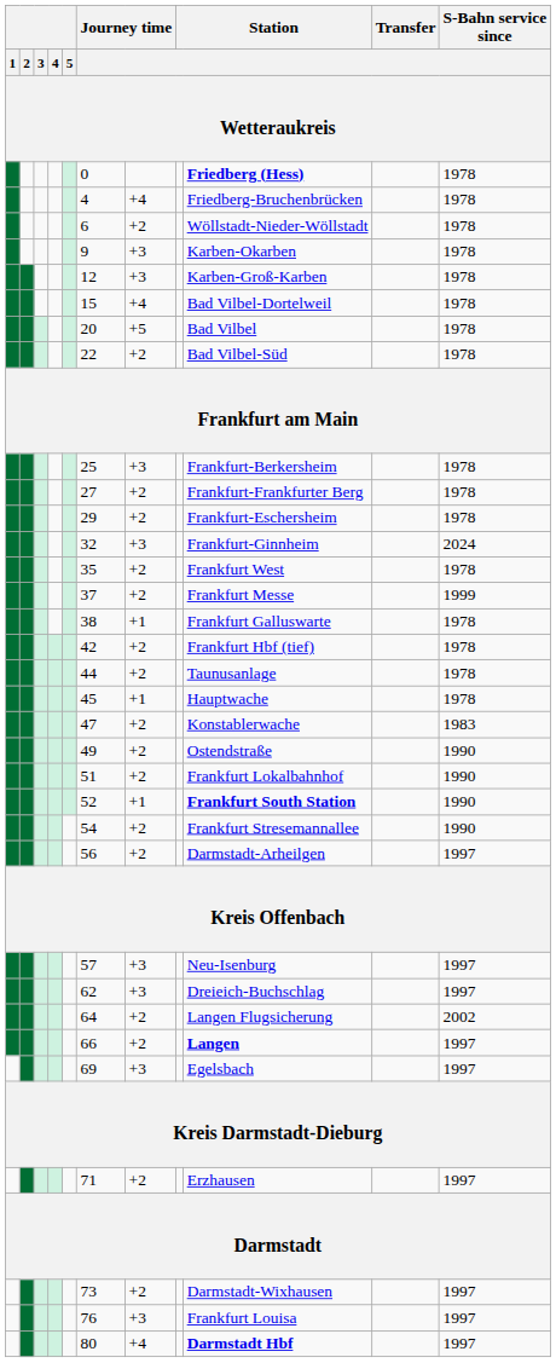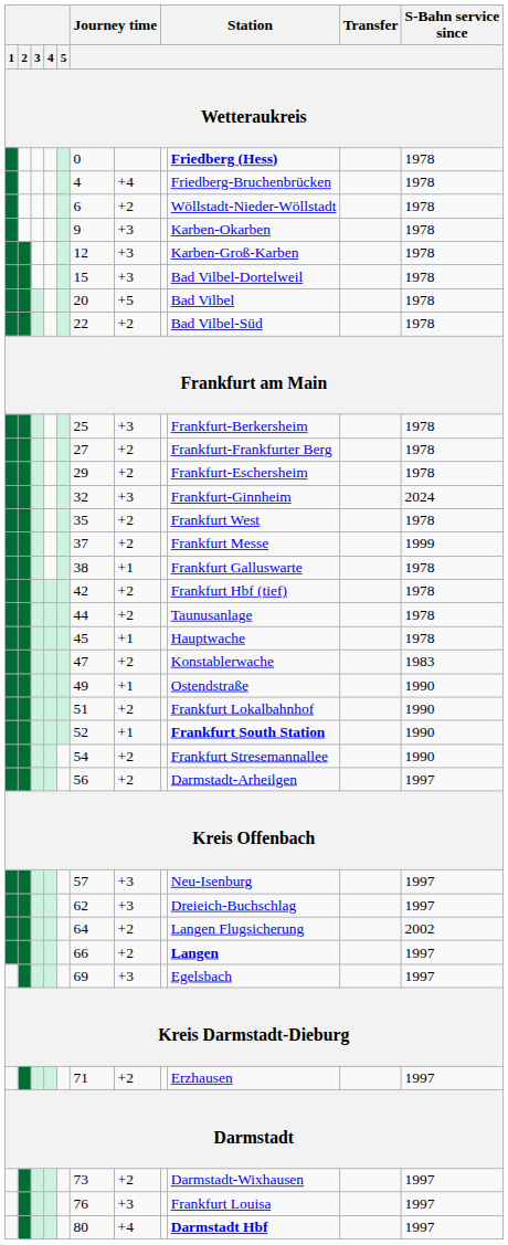 <table class="wikitable" summary="Stations of the S6 service">
 <tr>
 <th colspan="5" align="center" scope="col"></th>
 <th colspan="2">Journey time</th>
 <th colspan="2" scope="col">Station</th>
 <th scope="col">Transfer</th>
 <th scope="col">S-Bahn service<br>since</th>
 </tr>
 <tr>
 <th><small>1</small></th>
 <th><small>2</small></th>
 <th><small>3</small></th>
 <th><small>4</small></th>
 <th><small>5</small></th>
 <th colspan="6"></th>
 </tr>
 <tr>
 <th colspan="11" align="center" class="hintergrundfarbe5"><br><h3>Wetteraukreis</h3></th>
 </tr>
 <tr>
 <td style="background-color:#006e34"></td>
 <td></td>
 <td></td>
 <td></td>
 <td style="background-color:#cef2e0"></td>
 <td>0</td>
 <td></td>
 <td></td>
 <td><strong><a href='#'>Friedberg (Hess)</a></strong></td>
 <td></td>
 <td>1978</td>
 </tr>
 <tr>
 <td style="background-color:#006e34"></td>
 <td></td>
 <td></td>
 <td></td>
 <td style="background-color:#cef2e0"></td>
 <td>4</td>
 <td>+4</td>
 <td></td>
 <td><a href='#'>Friedberg-Bruchenbrücken</a></td>
 <td></td>
 <td>1978</td>
 </tr>
 <tr>
 <td style="background-color:#006e34"></td>
 <td></td>
 <td></td>
 <td></td>
 <td style="background-color:#cef2e0"></td>
 <td>6</td>
 <td>+2</td>
 <td></td>
 <td><a href='#'>Wöllstadt-Nieder-Wöllstadt</a></td>
 <td></td>
 <td>1978</td>
 </tr>
 <tr>
 <td style="background-color:#006e34"></td>
 <td></td>
 <td></td>
 <td></td>
 <td style="background-color:#cef2e0"></td>
 <td>9</td>
 <td>+3</td>
 <td></td>
 <td><a href='#'>Karben-Okarben</a></td>
 <td></td>
 <td>1978</td>
 </tr>
 <tr>
 <td style="background-color:#006e34"></td>
 <td style="background-color:#006e34"></td>
 <td></td>
 <td></td>
 <td style="background-color:#cef2e0"></td>
 <td>12</td>
 <td>+3</td>
 <td></td>
 <td><a href='#'>Karben-Groß-Karben</a></td>
 <td></td>
 <td>1978</td>
 </tr>
 <tr>
 <td style="background-color:#006e34"></td>
 <td style="background-color:#006e34"></td>
 <td></td>
 <td></td>
 <td style="background-color:#cef2e0"></td>
 <td>15</td>
-<td>+4</td>
+<td>+3</td>
 <td></td>
 <td><a href='#'>Bad Vilbel-Dortelweil</a></td>
 <td></td>
 <td>1978</td>
 </tr>
 <tr>
 <td style="background-color:#006e34"></td>
 <td style="background-color:#006e34"></td>
 <td style="background-color:#cef2e0"></td>
 <td></td>
 <td style="background-color:#cef2e0"></td>
 <td>20</td>
 <td>+5</td>
 <td></td>
 <td><a href='#'>Bad Vilbel</a></td>
 <td></td>
 <td>1978</td>
 </tr>
 <tr>
 <td style="background-color:#006e34"></td>
 <td style="background-color:#006e34"></td>
 <td style="background-color:#cef2e0"></td>
 <td></td>
 <td style="background-color:#cef2e0"></td>
 <td>22</td>
 <td>+2</td>
 <td></td>
 <td><a href='#'>Bad Vilbel-Süd</a></td>
 <td></td>
 <td>1978</td>
 </tr>
 <tr>
 <th colspan="11" align="center" class="hintergrundfarbe5"><br><h3>Frankfurt am Main</h3></th>
 </tr>
 <tr>
 <td style="background-color:#006e34"></td>
 <td style="background-color:#006e34"></td>
 <td style="background-color:#cef2e0"></td>
 <td></td>
 <td style="background-color:#cef2e0"></td>
 <td>25</td>
 <td>+3</td>
 <td></td>
 <td><a href='#'>Frankfurt-Berkersheim</a></td>
 <td></td>
 <td>1978</td>
 </tr>
 <tr>
 <td style="background-color:#006e34"></td>
 <td style="background-color:#006e34"></td>
 <td style="background-color:#cef2e0"></td>
 <td></td>
 <td style="background-color:#cef2e0"></td>
 <td>27</td>
 <td>+2</td>
 <td></td>
 <td><a href='#'>Frankfurt-Frankfurter Berg</a></td>
 <td></td>
 <td>1978</td>
 </tr>
 <tr>
 <td style="background-color:#006e34"></td>
 <td style="background-color:#006e34"></td>
 <td style="background-color:#cef2e0"></td>
 <td></td>
 <td style="background-color:#cef2e0"></td>
 <td>29</td>
 <td>+2</td>
 <td></td>
 <td><a href='#'>Frankfurt-Eschersheim</a></td>
 <td>   </td>
 <td>1978</td>
 </tr>
 <tr>
 <td style="background-color:#006e34"></td>
 <td style="background-color:#006e34"></td>
 <td style="background-color:#cef2e0"></td>
 <td></td>
 <td style="background-color:#cef2e0"></td>
 <td>32</td>
 <td>+3</td>
 <td></td>
 <td><a href='#'>Frankfurt-Ginnheim</a></td>
 <td></td>
 <td>2024</td>
 </tr>
 <tr>
 <td style="background-color:#006e34"></td>
 <td style="background-color:#006e34"></td>
 <td style="background-color:#cef2e0"></td>
 <td></td>
 <td style="background-color:#cef2e0"></td>
 <td>35</td>
 <td>+2</td>
 <td></td>
 <td><a href='#'>Frankfurt West</a></td>
 <td>  </td>
 <td>1978</td>
 </tr>
 <tr>
 <td style="background-color:#006e34"></td>
 <td style="background-color:#006e34"></td>
 <td style="background-color:#cef2e0"></td>
 <td></td>
 <td style="background-color:#cef2e0"></td>
 <td>37</td>
 <td>+2</td>
 <td></td>
 <td><a href='#'>Frankfurt Messe</a></td>
 <td>  </td>
 <td>1999</td>
 </tr>
 <tr>
 <td style="background-color:#006e34"></td>
 <td style="background-color:#006e34"></td>
 <td style="background-color:#cef2e0"></td>
 <td></td>
 <td style="background-color:#cef2e0"></td>
 <td>38</td>
 <td>+1</td>
 <td></td>
 <td><a href='#'>Frankfurt Galluswarte</a></td>
 <td>  </td>
 <td>1978</td>
 </tr>
 <tr>
 <td style="background-color:#006e34"></td>
 <td style="background-color:#006e34"></td>
 <td style="background-color:#cef2e0"></td>
 <td style="background-color:#cef2e0"></td>
 <td style="background-color:#cef2e0"></td>
 <td>42</td>
 <td>+2</td>
 <td></td>
 <td><a href='#'>Frankfurt Hbf (tief)</a></td>
 <td>         </td>
 <td>1978</td>
 </tr>
 <tr>
 <td style="background-color:#006e34"></td>
 <td style="background-color:#006e34"></td>
 <td style="background-color:#cef2e0"></td>
 <td style="background-color:#cef2e0"></td>
 <td style="background-color:#cef2e0"></td>
 <td>44</td>
 <td>+2</td>
 <td></td>
 <td><a href='#'>Taunusanlage</a></td>
 <td>      </td>
 <td>1978</td>
 </tr>
 <tr>
 <td style="background-color:#006e34"></td>
 <td style="background-color:#006e34"></td>
 <td style="background-color:#cef2e0"></td>
 <td style="background-color:#cef2e0"></td>
 <td style="background-color:#cef2e0"></td>
 <td>45</td>
 <td>+1</td>
 <td></td>
 <td><a href='#'>Hauptwache</a></td>
 <td>            </td>
 <td>1978</td>
 </tr>
 <tr>
 <td style="background-color:#006e34"></td>
 <td style="background-color:#006e34"></td>
 <td style="background-color:#cef2e0"></td>
 <td style="background-color:#cef2e0"></td>
 <td style="background-color:#cef2e0"></td>
 <td>47</td>
 <td>+2</td>
 <td></td>
 <td><a href='#'>Konstablerwache</a></td>
 <td>          </td>
 <td>1983</td>
 </tr>
 <tr>
 <td style="background-color:#006e34"></td>
 <td style="background-color:#006e34"></td>
 <td style="background-color:#cef2e0"></td>
 <td style="background-color:#cef2e0"></td>
 <td style="background-color:#cef2e0"></td>
 <td>49</td>
-<td>+2</td>
+<td>+1</td>
 <td></td>
 <td><a href='#'>Ostendstraße</a></td>
 <td>      </td>
 <td>1990</td>
 </tr>
 <tr>
 <td style="background-color:#006e34"></td>
 <td style="background-color:#006e34"></td>
 <td style="background-color:#cef2e0"></td>
 <td style="background-color:#cef2e0"></td>
 <td style="background-color:#cef2e0"></td>
 <td>51</td>
 <td>+2</td>
 <td></td>
 <td><a href='#'>Frankfurt Lokalbahnhof</a></td>
 <td>  </td>
 <td>1990</td>
 </tr>
 <tr>
 <td style="background-color:#006e34"></td>
 <td style="background-color:#006e34"></td>
 <td style="background-color:#cef2e0"></td>
 <td style="background-color:#cef2e0"></td>
 <td style="background-color:#cef2e0"></td>
 <td>52</td>
 <td>+1</td>
 <td></td>
 <td><strong><a href='#'>Frankfurt South Station</a></strong></td>
 <td>      </td>
 <td>1990</td>
 </tr>
 <tr>
 <td style="background-color:#006e34"></td>
 <td style="background-color:#006e34"></td>
 <td style="background-color:#cef2e0"></td>
 <td style="background-color:#cef2e0"></td>
 <td></td>
 <td>54</td>
 <td>+2</td>
 <td></td>
 <td><a href='#'>Frankfurt Stresemannallee</a></td>
 <td></td>
 <td>1990</td>
 </tr>
 <tr>
 <td style="background-color:#006e34"></td>
 <td style="background-color:#006e34"></td>
 <td style="background-color:#cef2e0"></td>
 <td style="background-color:#cef2e0"></td>
 <td></td>
 <td>56</td>
 <td>+2</td>
 <td></td>
 <td><a href='#'>Darmstadt-Arheilgen</a></td>
 <td></td>
 <td>1997</td>
 </tr>
 <tr>
 <th colspan="11" align="center" class="hintergrundfarbe5"><br><h3>Kreis Offenbach</h3></th>
 </tr>
 <tr>
 <td style="background-color:#006e34"></td>
 <td style="background-color:#006e34"></td>
 <td style="background-color:#cef2e0"></td>
 <td style="background-color:#cef2e0"></td>
 <td></td>
 <td>57</td>
 <td>+3</td>
 <td></td>
 <td><a href='#'>Neu-Isenburg</a></td>
 <td></td>
 <td>1997</td>
 </tr>
 <tr>
 <td style="background-color:#006e34"></td>
 <td style="background-color:#006e34"></td>
 <td style="background-color:#cef2e0"></td>
 <td style="background-color:#cef2e0"></td>
 <td></td>
 <td>62</td>
 <td>+3</td>
 <td></td>
 <td><a href='#'>Dreieich-Buchschlag</a></td>
 <td></td>
 <td>1997</td>
 </tr>
 <tr>
 <td style="background-color:#006e34"></td>
 <td style="background-color:#006e34"></td>
 <td style="background-color:#cef2e0"></td>
 <td style="background-color:#cef2e0"></td>
 <td></td>
 <td>64</td>
 <td>+2</td>
 <td></td>
 <td><a href='#'>Langen Flugsicherung</a></td>
 <td></td>
 <td>2002</td>
 </tr>
 <tr>
 <td style="background-color:#006e34"></td>
 <td style="background-color:#006e34"></td>
 <td style="background-color:#cef2e0"></td>
 <td style="background-color:#cef2e0"></td>
 <td></td>
 <td>66</td>
 <td>+2</td>
 <td></td>
 <td><strong><a href='#'>Langen</a></strong></td>
 <td></td>
 <td>1997</td>
 </tr>
 <tr>
 <td></td>
 <td style="background-color:#006e34"></td>
 <td style="background-color:#cef2e0"></td>
 <td style="background-color:#cef2e0"></td>
 <td></td>
 <td>69</td>
 <td>+3</td>
 <td></td>
 <td><a href='#'>Egelsbach</a></td>
 <td></td>
 <td>1997</td>
 </tr>
 <tr>
 <th colspan="11" align="center" class="hintergrundfarbe5"><br><h3>Kreis Darmstadt-Dieburg</h3></th>
 </tr>
 <tr>
 <td></td>
 <td style="background-color:#006e34"></td>
 <td style="background-color:#cef2e0"></td>
 <td style="background-color:#cef2e0"></td>
 <td></td>
 <td>71</td>
 <td>+2</td>
 <td></td>
 <td><a href='#'>Erzhausen</a></td>
 <td></td>
 <td>1997</td>
 </tr>
 <tr>
 <th colspan="11" align="center" class="hintergrundfarbe5"><br><h3>Darmstadt</h3></th>
 </tr>
 <tr>
 <td></td>
 <td style="background-color:#006e34"></td>
 <td style="background-color:#cef2e0"></td>
 <td style="background-color:#cef2e0"></td>
 <td></td>
 <td>73</td>
 <td>+2</td>
 <td></td>
 <td><a href='#'>Darmstadt-Wixhausen</a></td>
 <td></td>
 <td>1997</td>
 </tr>
 <tr>
 <td></td>
 <td style="background-color:#006e34"></td>
 <td style="background-color:#cef2e0"></td>
 <td style="background-color:#cef2e0"></td>
 <td></td>
 <td>76</td>
 <td>+3</td>
 <td></td>
 <td><a href='#'>Frankfurt Louisa</a></td>
 <td></td>
 <td>1997</td>
 </tr>
 <tr>
 <td></td>
 <td style="background-color:#006e34"></td>
 <td style="background-color:#cef2e0"></td>
 <td style="background-color:#cef2e0"></td>
 <td></td>
 <td>80</td>
 <td>+4</td>
 <td></td>
 <td><strong><a href='#'>Darmstadt Hbf</a></strong></td>
 <td></td>
 <td>1997</td>
 </tr>
 </table>
